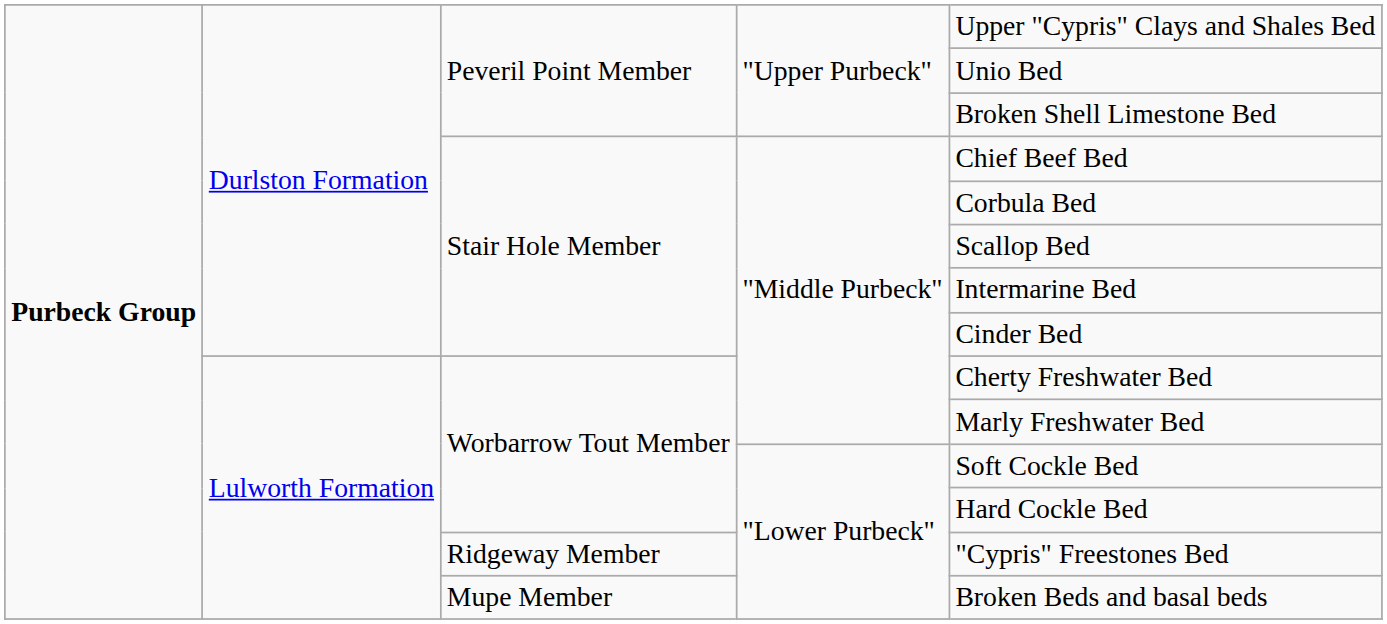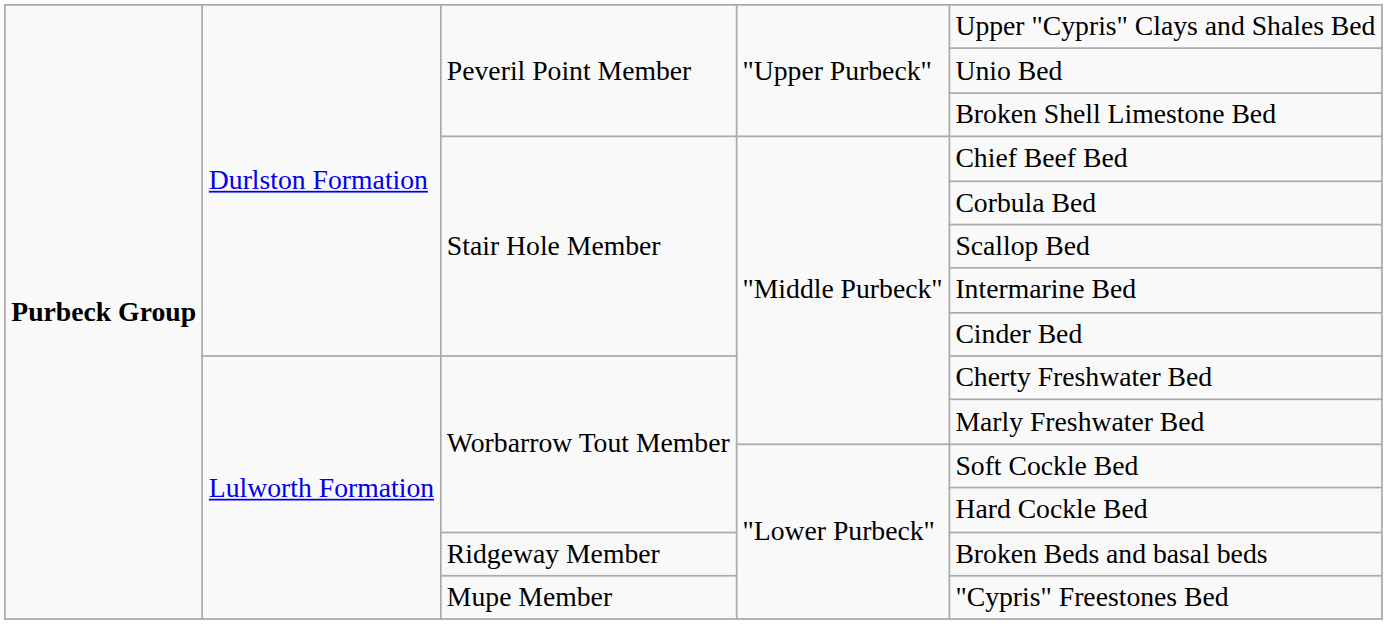 <table class="wikitable">
 <tr>
 <td rowspan=15 style="background-color: "><strong>Purbeck Group</strong></td>
 <td rowspan=8 style="background-color: "><a href='#'>Durlston Formation</a></td>
 <td rowspan=3 style="background-color: ">Peveril Point Member</td>
 <td rowspan=3>"Upper Purbeck"</td>
 <td>Upper "Cypris" Clays and Shales Bed</td>
 </tr>
 <tr>
 <td>Unio Bed</td>
 </tr>
 <tr>
 <td>Broken Shell Limestone Bed</td>
 </tr>
 <tr>
 <td rowspan=5 style="background-color: ">Stair Hole Member</td>
 <td rowspan=7>"Middle Purbeck"</td>
 <td>Chief Beef Bed</td>
 </tr>
 <tr>
 <td>Corbula Bed</td>
 </tr>
 <tr>
 <td>Scallop Bed</td>
 </tr>
 <tr>
 <td>Intermarine Bed</td>
 </tr>
 <tr>
 <td>Cinder Bed</td>
 </tr>
 <tr>
 <td rowspan=7 style="background-color: "><a href='#'>Lulworth Formation</a></td>
 <td rowspan=4 style="background-color: ">Worbarrow Tout Member</td>
 <td>Cherty Freshwater Bed</td>
 </tr>
 <tr>
 <td>Marly Freshwater Bed</td>
 </tr>
 <tr>
 <td rowspan=5>"Lower Purbeck"</td>
 <td>Soft Cockle Bed</td>
 </tr>
 <tr>
 <td>Hard Cockle Bed</td>
 </tr>
 <tr>
 <td style="background-color: ">Ridgeway Member</td>
-<td>"Cypris" Freestones Bed</td>
+<td>Broken Beds and basal beds</td>
 </tr>
 <tr>
 <td style="background-color: ">Mupe Member</td>
-<td>Broken Beds and basal beds</td>
+<td>"Cypris" Freestones Bed</td>
 </tr>
 </table>
